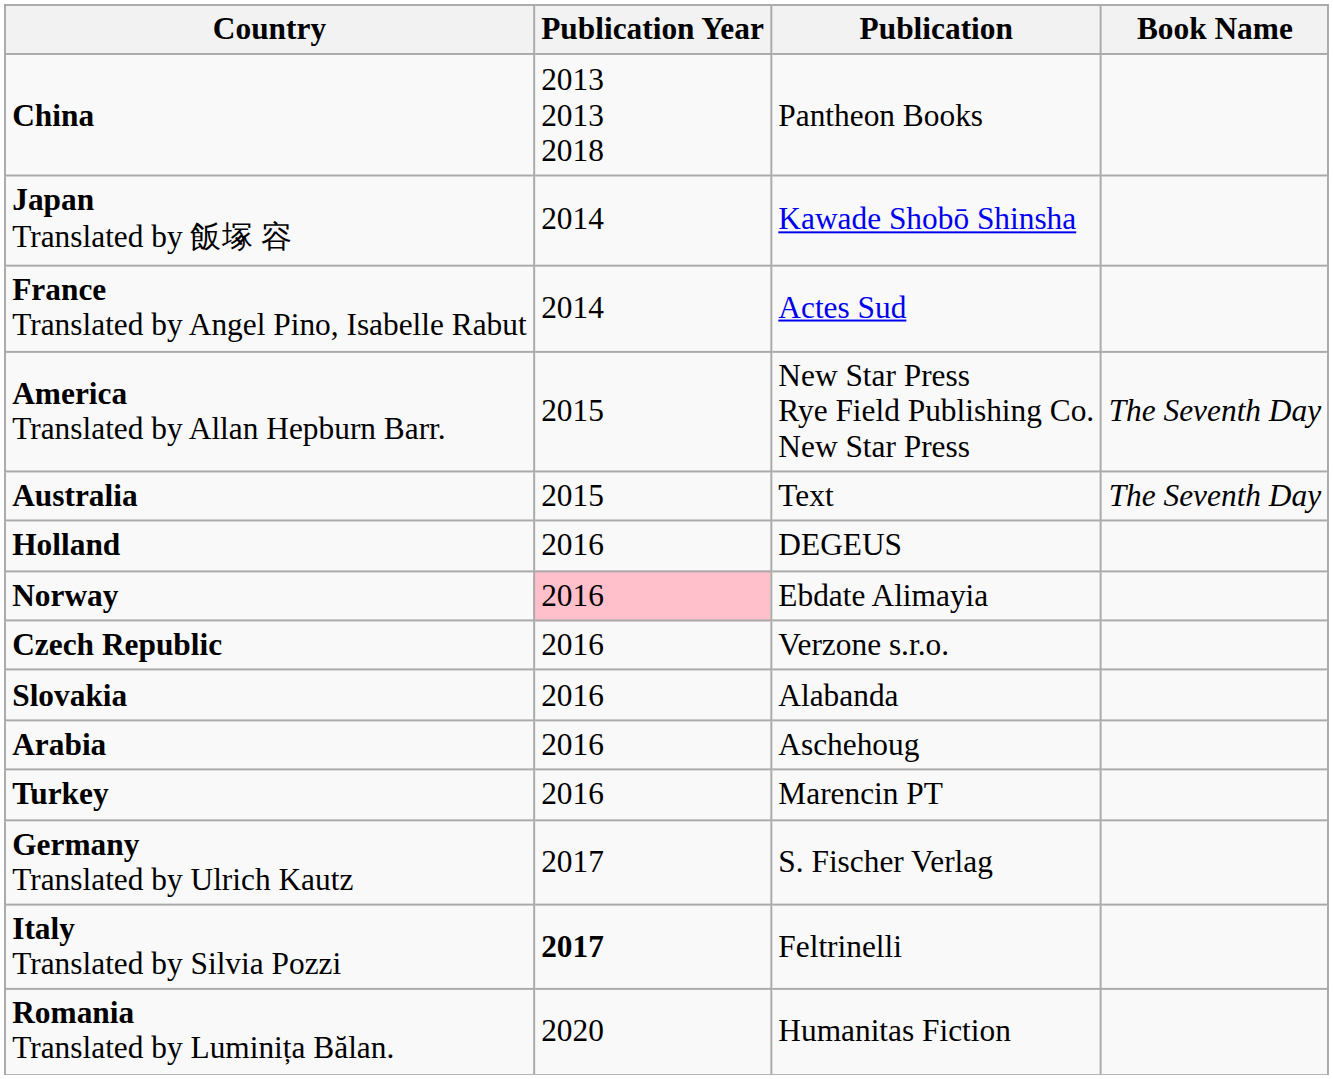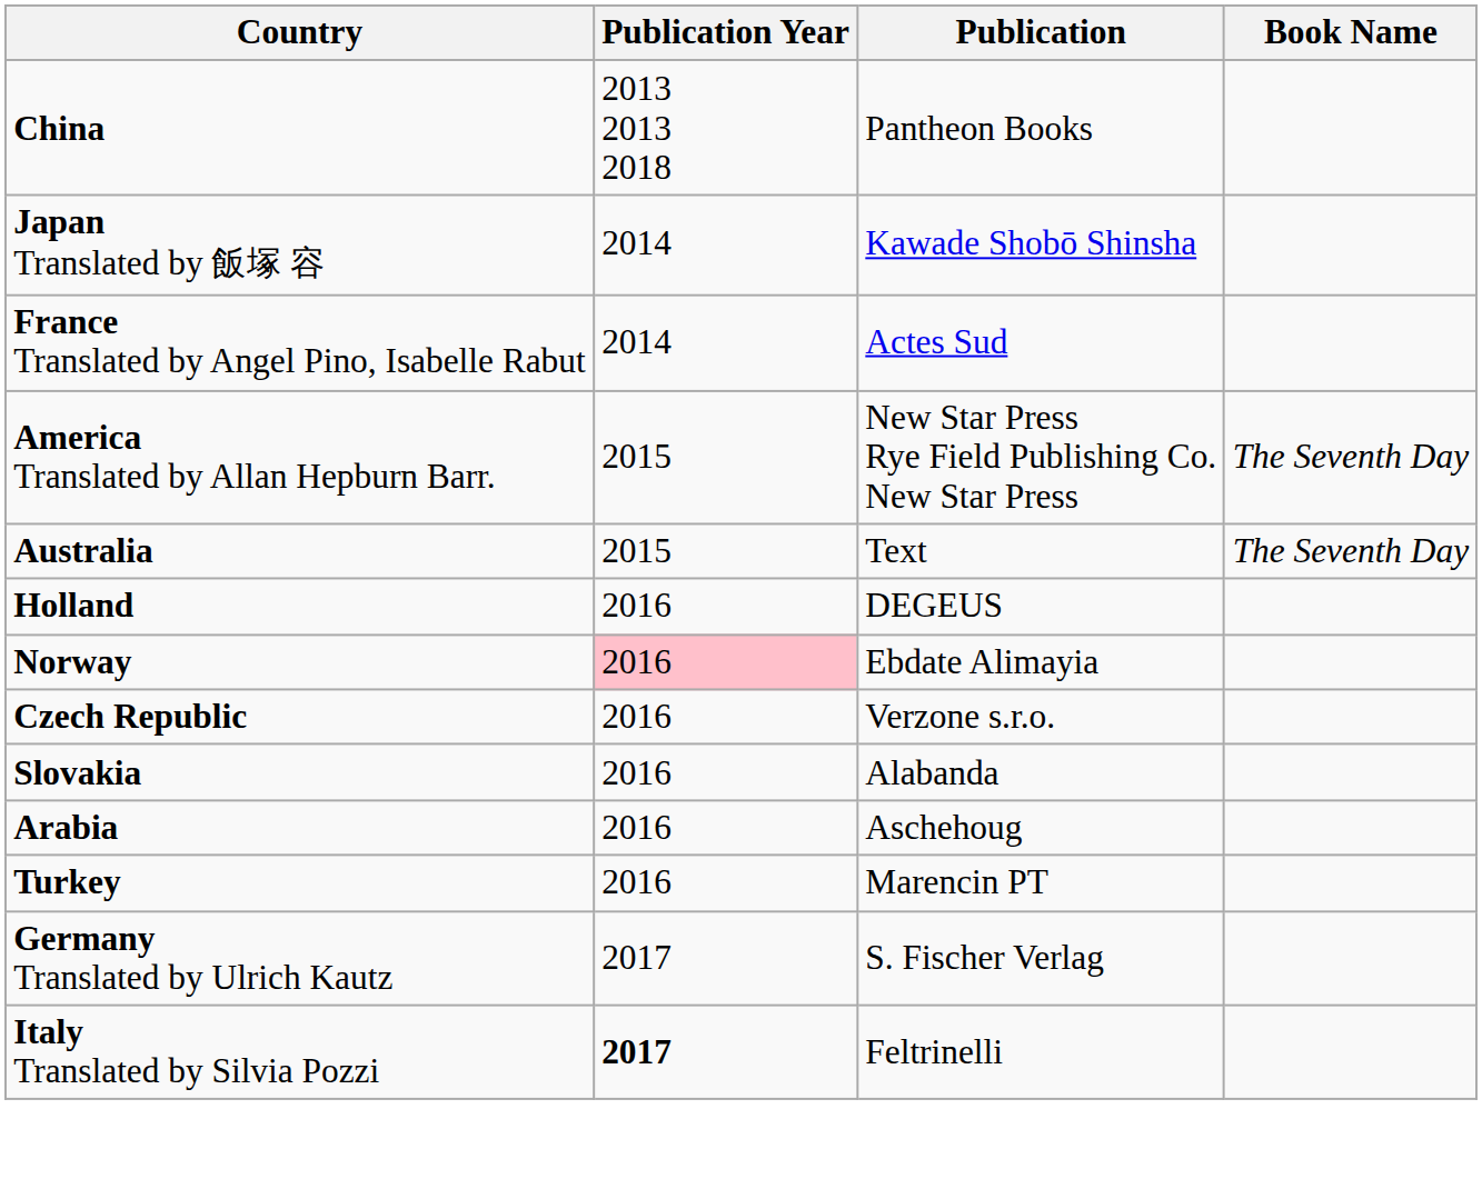 <table class="wikitable">
 <tr>
 <th>Country</th>
 <th>Publication Year</th>
 <th>Publication</th>
 <th>Book Name</th>
 </tr>
 <tr>
 <td><strong>China</strong></td>
 <td>2013<br>2013<br>2018</td>
 <td>Pantheon Books</td>
 <td><br><br></td>
 </tr>
 <tr>
 <td><strong>Japan</strong><br>Translated by 飯塚 容</td>
 <td>2014</td>
 <td><a href='#'>Kawade Shobō Shinsha</a></td>
 <td></td>
 </tr>
 <tr>
 <td><strong>France</strong><br>Translated by Angel Pino, Isabelle Rabut</td>
 <td>2014</td>
 <td><a href='#'>Actes Sud</a></td>
 <td></td>
 </tr>
 <tr>
 <td><strong>America</strong><br>Translated by Allan Hepburn Barr.</td>
 <td>2015</td>
 <td>New Star Press <br>Rye Field Publishing Co.  <br>New Star Press </td>
 <td><em>The Seventh Day</em></td>
 </tr>
 <tr>
 <td><strong>Australia</strong></td>
 <td>2015</td>
 <td>Text</td>
 <td><em>The Seventh Day</em></td>
 </tr>
 <tr>
 <td><strong>Holland</strong></td>
 <td>2016</td>
 <td>DEGEUS</td>
 <td></td>
 </tr>
 <tr>
 <td><strong>Norway</strong></td>
 <td style="background: pink;">2016</td>
 <td>Ebdate Alimayia</td>
 <td></td>
 </tr>
 <tr>
 <td><strong>Czech Republic</strong></td>
 <td>2016</td>
 <td>Verzone s.r.o.</td>
 <td></td>
 </tr>
 <tr>
 <td><strong>Slovakia</strong></td>
 <td>2016</td>
 <td>Alabanda</td>
 <td></td>
 </tr>
 <tr>
 <td><strong>Arabia</strong></td>
 <td>2016</td>
 <td>Aschehoug</td>
 <td></td>
 </tr>
 <tr>
 <td><strong>Turkey</strong></td>
 <td>2016</td>
 <td>Marencin PT</td>
 <td></td>
 </tr>
 <tr>
 <td><strong>Germany</strong><br>Translated by Ulrich Kautz</td>
 <td>2017</td>
 <td>S. Fischer Verlag</td>
 <td></td>
 </tr>
 <tr>
 <td><strong>Italy</strong><br>Translated by Silvia Pozzi</td>
 <td><strong>2017</strong></td>
 <td>Feltrinelli</td>
 <td></td>
 </tr>
-<tr>
-<td><strong>Romania</strong><br>Translated by Luminița Bălan.</td>
-<td>2020</td>
-<td>Humanitas Fiction</td>
-<td></td>
-</tr>
 </table>
